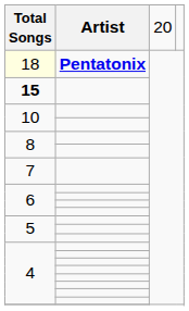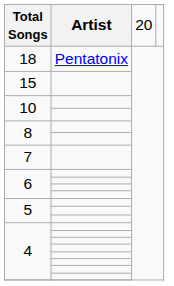 <table class="wikitable sortable plainrowheaders">
 <tr>
 <th rowspan="2"><small>Total<br>Songs</small></th>
 <th rowspan="2">Artist</th>
 </tr>
 <tr>
 <td align="center">20</td>
 <td></td>
 </tr>
 <tr>
-<td align="center" style="background: lightyellow;">18</td>
-<td><strong><a href='#'>Pentatonix</a></strong></td>
+<td align="center">18</td>
+<td><a href='#'>Pentatonix</a></td>
 </tr>
 <tr>
-<td align="center"><strong>15</strong></td>
+<td align="center">15</td>
 <td></td>
 </tr>
 <tr>
 <td rowspan="2" align="center">10</td>
 <td></td>
 </tr>
 <tr>
 <td></td>
 </tr>
 <tr>
 <td rowspan="2" align="center">8</td>
 <td></td>
 </tr>
 <tr>
 <td></td>
 </tr>
 <tr>
 <td align="center">7</td>
 <td></td>
 </tr>
 <tr>
 <td rowspan="4" align="center">6</td>
 <td></td>
 </tr>
 <tr>
 <td></td>
 </tr>
 <tr>
 <td></td>
 </tr>
 <tr>
 <td></td>
 </tr>
 <tr>
 <td rowspan="3" align="center">5</td>
 <td></td>
 </tr>
 <tr>
 <td></td>
 </tr>
 <tr>
 <td></td>
 </tr>
 <tr>
 <td rowspan="8" align="center">4</td>
 <td></td>
 </tr>
 <tr>
 <td></td>
 </tr>
 <tr>
 <td></td>
 </tr>
 <tr>
 <td></td>
 </tr>
 <tr>
 <td></td>
 </tr>
 <tr>
 <td></td>
 </tr>
 <tr>
 <td></td>
 </tr>
 <tr>
 <td></td>
 </tr>
 <tr>
 </tr>
 </table>
